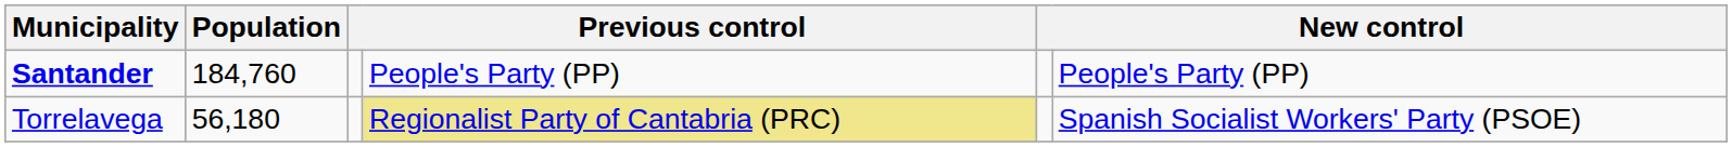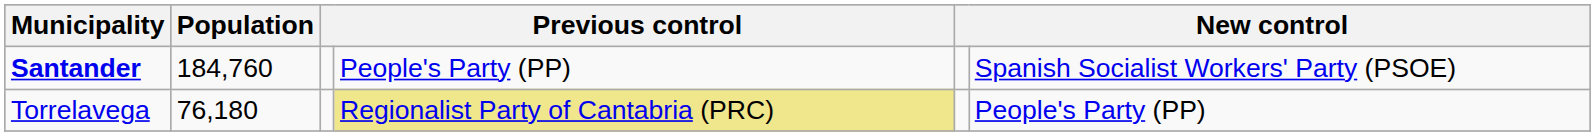 <table class="wikitable sortable">
 <tr>
 <th>Municipality</th>
 <th>Population</th>
 <th colspan="2" style="width:375px;">Previous control</th>
 <th colspan="2" style="width:375px;">New control</th>
 </tr>
 <tr>
 <td><strong><a href='#'>Santander</a></strong></td>
 <td>184,760</td>
 <td width="1" style="color:inherit;background:"></td>
 <td><a href='#'>People's Party</a> (PP)</td>
 <td width="1" style="color:inherit;background:"></td>
-<td><a href='#'>People's Party</a> (PP)</td>
+<td><a href='#'>Spanish Socialist Workers' Party</a> (PSOE)</td>
 </tr>
 <tr>
 <td><a href='#'>Torrelavega</a></td>
-<td>56,180</td>
+<td>76,180</td>
 <td style="color:inherit;background:"></td>
 <td style="background: khaki;"><a href='#'>Regionalist Party of Cantabria</a> (PRC)</td>
 <td style="color:inherit;background:"></td>
-<td><a href='#'>Spanish Socialist Workers' Party</a> (PSOE)</td>
+<td><a href='#'>People's Party</a> (PP)</td>
 </tr>
 </table>
